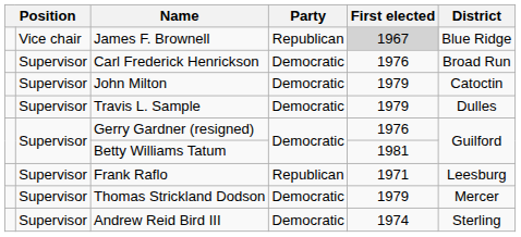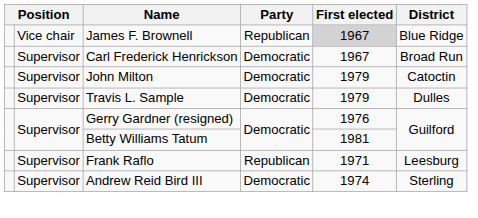 <table class="wikitable">
 <tr>
 <th colspan="2">Position</th>
 <th>Name</th>
 <th>Party</th>
 <th>First elected</th>
 <th>District</th>
 </tr>
 <tr>
 <td style="background-color:"> </td>
 <td>Vice chair</td>
 <td>James F. Brownell</td>
 <td style="text-align:center;">Republican</td>
 <td style="background: lightgrey; text-align:center;">1967</td>
 <td style="text-align:center;">Blue Ridge</td>
 </tr>
 <tr>
 <td style="background-color:"> </td>
 <td>Supervisor</td>
 <td>Carl Frederick Henrickson</td>
 <td style="text-align:center;">Democratic</td>
-<td style="text-align:center;">1976</td>
+<td style="text-align:center;">1967</td>
 <td style="text-align:center;">Broad Run</td>
 </tr>
 <tr>
 <td style="background-color:"> </td>
 <td>Supervisor</td>
 <td>John Milton</td>
 <td style="text-align:center;">Democratic</td>
 <td style="text-align:center;">1979</td>
 <td style="text-align:center;">Catoctin</td>
 </tr>
 <tr>
 <td style="background-color:"> </td>
 <td>Supervisor</td>
 <td>Travis L. Sample</td>
 <td style="text-align:center;">Democratic</td>
 <td style="text-align:center;">1979</td>
 <td style="text-align:center;">Dulles</td>
 </tr>
 <tr>
 <td rowspan="2" style="background-color:"> </td>
 <td rowspan="2">Supervisor</td>
 <td>Gerry Gardner (resigned)</td>
 <td rowspan="2" style="text-align:center;">Democratic</td>
 <td style="text-align:center;">1976</td>
 <td rowspan="2" style="text-align:center;">Guilford</td>
 </tr>
 <tr>
 <td>Betty Williams Tatum</td>
 <td style="text-align:center;">1981</td>
 </tr>
 <tr>
 <td style="background-color:"> </td>
 <td>Supervisor</td>
 <td>Frank Raflo</td>
 <td style="text-align:center;">Republican</td>
 <td style="text-align:center;">1971</td>
 <td style="text-align:center;">Leesburg</td>
 </tr>
 <tr>
 <td style="background-color:"> </td>
 <td>Supervisor</td>
-<td>Thomas Strickland Dodson</td>
-<td style="text-align:center;">Democratic</td>
-<td style="text-align:center;">1979</td>
-<td style="text-align:center;">Mercer</td>
-</tr>
-<tr>
-<td style="background-color:"> </td>
-<td>Supervisor</td>
 <td>Andrew Reid Bird III</td>
 <td style="text-align:center;">Democratic</td>
 <td style="text-align:center;">1974</td>
 <td style="text-align:center;">Sterling</td>
 </tr>
 </table>
